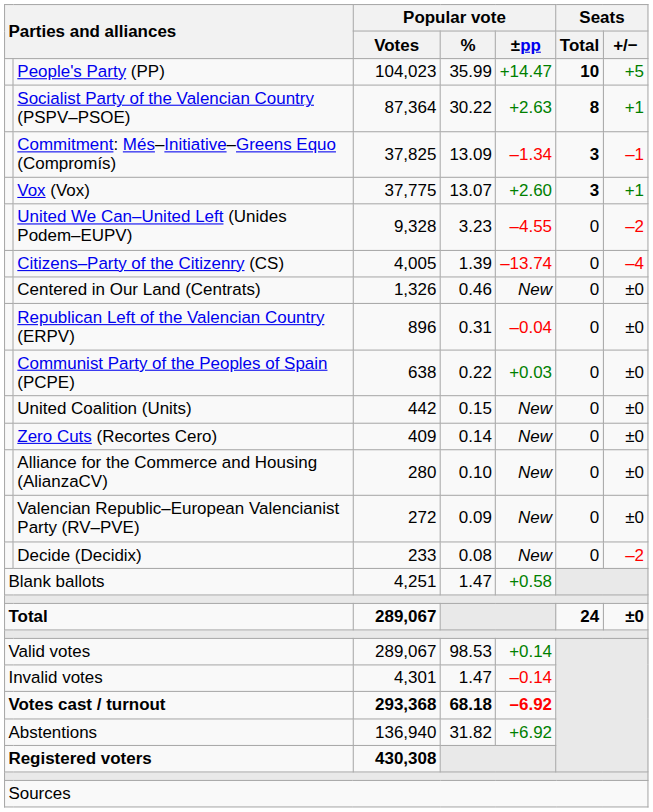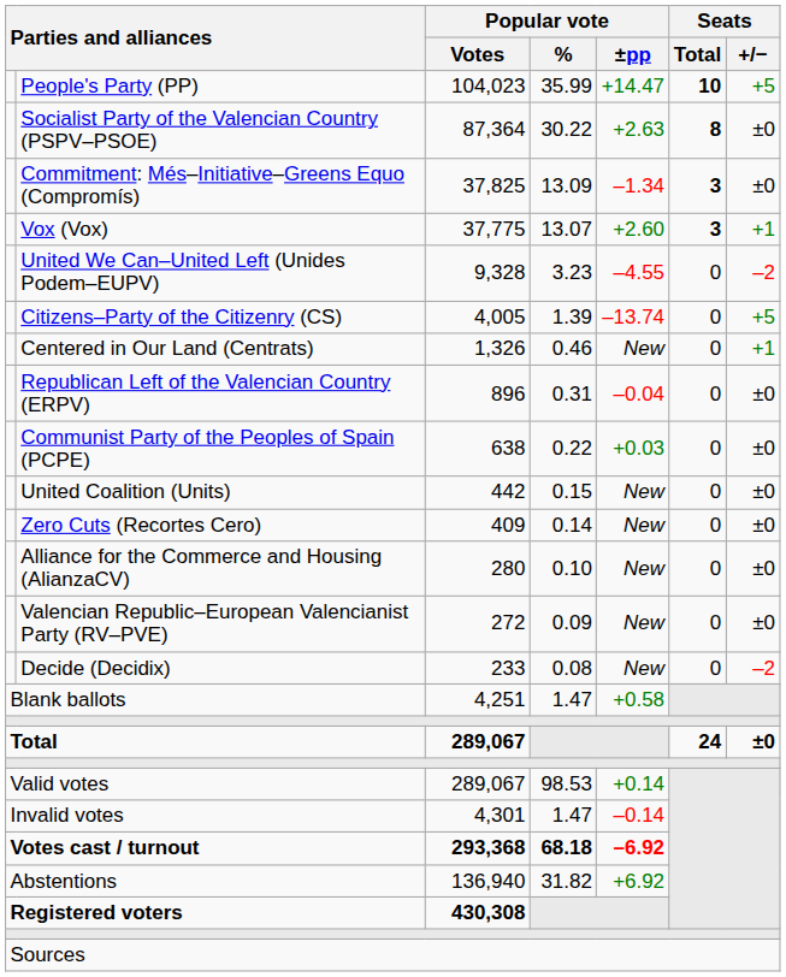 <table class="wikitable" style="text-align:right;">
 <tr>
 <th style="text-align:left;" rowspan="2" colspan="2" width="525">Parties and alliances</th>
 <th colspan="3">Popular vote</th>
 <th colspan="2">Seats</th>
 </tr>
 <tr>
 <th width="75">Votes</th>
 <th width="45">%</th>
 <th width="45">±<a href='#'>pp</a></th>
 <th width="35">Total</th>
 <th width="35">+/−</th>
 </tr>
 <tr>
 <td width="1" style="color:inherit;background:"></td>
 <td align="left"><a href='#'>People's Party</a> (PP)</td>
 <td>104,023</td>
 <td>35.99</td>
 <td style="color:green;">+14.47</td>
 <td><strong>10</strong></td>
 <td style="color:green;">+5</td>
 </tr>
 <tr>
 <td style="color:inherit;background:"></td>
 <td align="left"><a href='#'>Socialist Party of the Valencian Country</a> (PSPV–PSOE)</td>
 <td>87,364</td>
 <td>30.22</td>
 <td style="color:green;">+2.63</td>
 <td><strong>8</strong></td>
-<td style="color:green;">+1</td>
+<td>±0</td>
 </tr>
 <tr>
 <td style="color:inherit;background:"></td>
 <td align="left"><a href='#'>Commitment</a>: <a href='#'>Més</a>–<a href='#'>Initiative</a>–<a href='#'>Greens Equo</a> (Compromís)</td>
 <td>37,825</td>
 <td>13.09</td>
 <td style="color:red;">–1.34</td>
 <td><strong>3</strong></td>
-<td style="color:red;">–1</td>
+<td>±0</td>
 </tr>
 <tr>
 <td style="color:inherit;background:"></td>
 <td align="left"><a href='#'>Vox</a> (Vox)</td>
 <td>37,775</td>
 <td>13.07</td>
 <td style="color:green;">+2.60</td>
 <td><strong>3</strong></td>
 <td style="color:green;">+1</td>
 </tr>
 <tr>
 <td style="color:inherit;background:"></td>
 <td align="left"><a href='#'>United We Can–United Left</a> (Unides Podem–EUPV)</td>
 <td>9,328</td>
 <td>3.23</td>
 <td style="color:red;">–4.55</td>
 <td>0</td>
 <td style="color:red;">–2</td>
 </tr>
 <tr>
 <td style="color:inherit;background:"></td>
 <td align="left"><a href='#'>Citizens–Party of the Citizenry</a> (CS)</td>
 <td>4,005</td>
 <td>1.39</td>
 <td style="color:red;">–13.74</td>
 <td>0</td>
-<td style="color:red;">–4</td>
+<td style="color:green;">+5</td>
 </tr>
 <tr>
 <td style="color:inherit;background:"></td>
 <td align="left">Centered in Our Land (Centrats)</td>
 <td>1,326</td>
 <td>0.46</td>
 <td><em>New</em></td>
 <td>0</td>
-<td>±0</td>
+<td style="color:green;">+1</td>
 </tr>
 <tr>
 <td style="color:inherit;background:"></td>
 <td align="left"><a href='#'>Republican Left of the Valencian Country</a> (ERPV)</td>
 <td>896</td>
 <td>0.31</td>
 <td style="color:red;">–0.04</td>
 <td>0</td>
 <td>±0</td>
 </tr>
 <tr>
 <td style="color:inherit;background:"></td>
 <td align="left"><a href='#'>Communist Party of the Peoples of Spain</a> (PCPE)</td>
 <td>638</td>
 <td>0.22</td>
 <td style="color:green;">+0.03</td>
 <td>0</td>
 <td>±0</td>
 </tr>
 <tr>
 <td style="color:inherit;background:"></td>
 <td align="left">United Coalition (Units)</td>
 <td>442</td>
 <td>0.15</td>
 <td><em>New</em></td>
 <td>0</td>
 <td>±0</td>
 </tr>
 <tr>
 <td style="color:inherit;background:"></td>
 <td align="left"><a href='#'>Zero Cuts</a> (Recortes Cero)</td>
 <td>409</td>
 <td>0.14</td>
 <td><em>New</em></td>
 <td>0</td>
 <td>±0</td>
 </tr>
 <tr>
 <td style="color:inherit;background:"></td>
 <td align="left">Alliance for the Commerce and Housing (AlianzaCV)</td>
 <td>280</td>
 <td>0.10</td>
 <td><em>New</em></td>
 <td>0</td>
 <td>±0</td>
 </tr>
 <tr>
 <td style="color:inherit;background:"></td>
 <td align="left">Valencian Republic–European Valencianist Party (RV–PVE)</td>
 <td>272</td>
 <td>0.09</td>
 <td><em>New</em></td>
 <td>0</td>
 <td>±0</td>
 </tr>
 <tr>
 <td style="color:inherit;background:"></td>
 <td align="left">Decide (Decidix)</td>
 <td>233</td>
 <td>0.08</td>
 <td><em>New</em></td>
 <td>0</td>
 <td style="color:red;">–2</td>
 </tr>
 <tr>
 <td align="left" colspan="2">Blank ballots</td>
 <td>4,251</td>
 <td>1.47</td>
 <td style="color:green;">+0.58</td>
 <td bgcolor="#E9E9E9" colspan="2"></td>
 </tr>
 <tr>
 <td colspan="7" bgcolor="#E9E9E9"></td>
 </tr>
 <tr style="font-weight:bold;">
 <td align="left" colspan="2">Total</td>
 <td>289,067</td>
 <td bgcolor="#E9E9E9" colspan="2"></td>
 <td>24</td>
 <td>±0</td>
 </tr>
 <tr>
 <td colspan="7" bgcolor="#E9E9E9"></td>
 </tr>
 <tr>
 <td align="left" colspan="2">Valid votes</td>
 <td>289,067</td>
 <td>98.53</td>
 <td style="color:green;">+0.14</td>
 <td bgcolor="#E9E9E9" colspan="2" rowspan="5"></td>
 </tr>
 <tr>
 <td align="left" colspan="2">Invalid votes</td>
 <td>4,301</td>
 <td>1.47</td>
 <td style="color:red;">–0.14</td>
 </tr>
 <tr style="font-weight:bold;">
 <td align="left" colspan="2">Votes cast / turnout</td>
 <td>293,368</td>
 <td>68.18</td>
 <td style="color:red;">–6.92</td>
 </tr>
 <tr>
 <td align="left" colspan="2">Abstentions</td>
 <td>136,940</td>
 <td>31.82</td>
 <td style="color:green;">+6.92</td>
 </tr>
 <tr style="font-weight:bold;">
 <td align="left" colspan="2">Registered voters</td>
 <td>430,308</td>
 <td bgcolor="#E9E9E9" colspan="2"></td>
 </tr>
 <tr>
 <td colspan="7" bgcolor="#E9E9E9"></td>
 </tr>
 <tr>
 <td align="left" colspan="7">Sources</td>
 </tr>
 </table>
